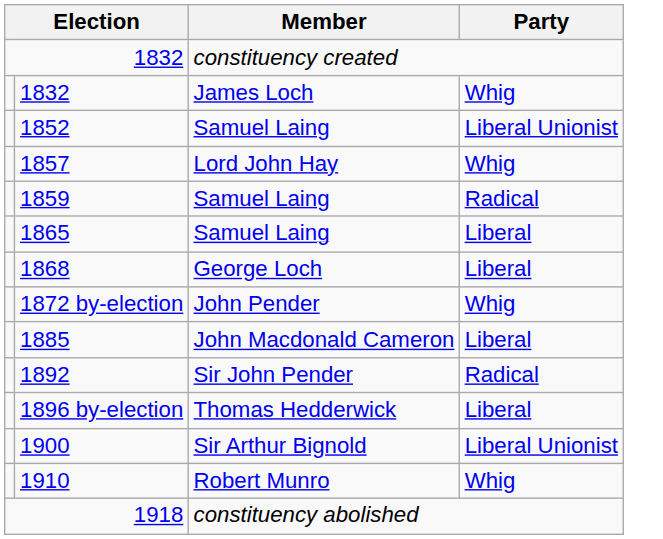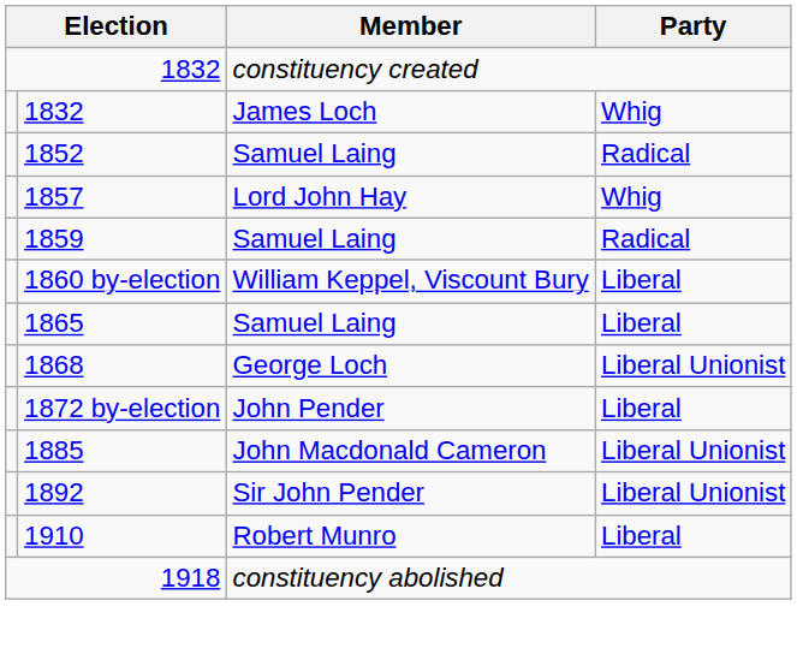 <table class="wikitable">
 <tr>
 <th colspan="2">Election</th>
 <th>Member</th>
 <th>Party</th>
 </tr>
 <tr>
 <td colspan="2" align="right"><a href='#'>1832</a></td>
 <td colspan="2"><em>constituency created</em></td>
 </tr>
 <tr>
 <td style="color:inherit;background-color: "></td>
 <td><a href='#'>1832</a></td>
 <td><a href='#'>James Loch</a></td>
 <td><a href='#'>Whig</a></td>
 </tr>
 <tr>
 <td style="color:inherit;background-color: "></td>
 <td><a href='#'>1852</a></td>
 <td><a href='#'>Samuel Laing</a></td>
-<td><a href='#'>Liberal Unionist</a></td>
+<td><a href='#'>Radical</a></td>
 </tr>
 <tr>
 <td style="color:inherit;background-color: "></td>
 <td><a href='#'>1857</a></td>
 <td><a href='#'>Lord John Hay</a></td>
 <td><a href='#'>Whig</a></td>
 </tr>
 <tr>
 <td style="color:inherit;background-color: "></td>
 <td><a href='#'>1859</a></td>
 <td><a href='#'>Samuel Laing</a></td>
 <td><a href='#'>Radical</a></td>
 </tr>
 <tr>
 <td style="color:inherit;background-color: "></td>
+<td><a href='#'>1860 by-election</a></td>
+<td><a href='#'>William Keppel, Viscount Bury</a></td>
+<td><a href='#'>Liberal</a></td>
+</tr>
+<tr>
+<td style="color:inherit;background-color: "></td>
 <td><a href='#'>1865</a></td>
 <td><a href='#'>Samuel Laing</a></td>
 <td><a href='#'>Liberal</a></td>
 </tr>
 <tr>
 <td style="color:inherit;background-color: "></td>
 <td><a href='#'>1868</a></td>
 <td><a href='#'>George Loch</a></td>
-<td><a href='#'>Liberal</a></td>
+<td><a href='#'>Liberal Unionist</a></td>
 </tr>
 <tr>
 <td style="color:inherit;background-color: "></td>
 <td><a href='#'>1872 by-election</a></td>
 <td><a href='#'>John Pender</a></td>
-<td><a href='#'>Whig</a></td>
+<td><a href='#'>Liberal</a></td>
 </tr>
 <tr>
 <td style="color:inherit;background-color: "></td>
 <td><a href='#'>1885</a></td>
 <td><a href='#'>John Macdonald Cameron</a></td>
-<td><a href='#'>Liberal</a></td>
+<td><a href='#'>Liberal Unionist</a></td>
 </tr>
 <tr>
 <td style="color:inherit;background-color: "></td>
 <td><a href='#'>1892</a></td>
 <td><a href='#'>Sir John Pender</a></td>
-<td><a href='#'>Radical</a></td>
-</tr>
-<tr>
-<td style="color:inherit;background-color: "></td>
-<td><a href='#'>1896 by-election</a></td>
-<td><a href='#'>Thomas Hedderwick</a></td>
-<td><a href='#'>Liberal</a></td>
-</tr>
-<tr>
-<td style="color:inherit;background-color: "></td>
-<td><a href='#'>1900</a></td>
-<td><a href='#'>Sir Arthur Bignold</a></td>
 <td><a href='#'>Liberal Unionist</a></td>
 </tr>
 <tr>
 <td style="color:inherit;background-color: "></td>
 <td><a href='#'>1910</a></td>
 <td><a href='#'>Robert Munro</a></td>
-<td><a href='#'>Whig</a></td>
+<td><a href='#'>Liberal</a></td>
 </tr>
 <tr>
 <td colspan="2" align="right"><a href='#'>1918</a></td>
 <td colspan="2"><em>constituency abolished</em></td>
 </tr>
 </table>
